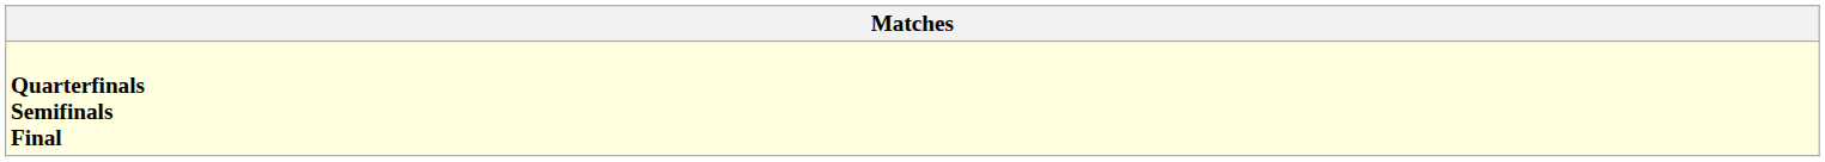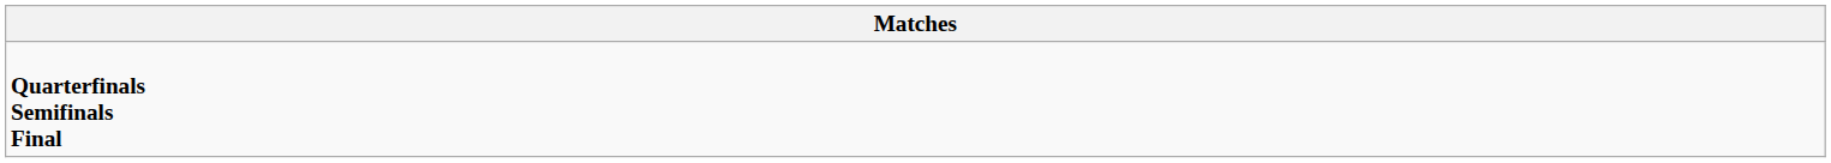 <table class="wikitable collapsible collapsed" style="width:100%;">
 <tr>
 <th>Matches</th>
 </tr>
 <tr>
-<td style="background: lightyellow;"><br><strong>Quarterfinals</strong>    <br><strong>Semifinals</strong>  <br><strong>Final</strong> </td>
+<td><br><strong>Quarterfinals</strong>    <br><strong>Semifinals</strong>  <br><strong>Final</strong> </td>
 </tr>
 </table>
